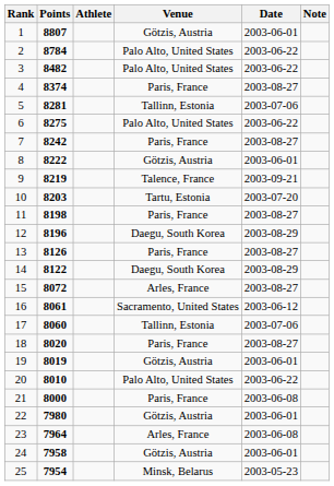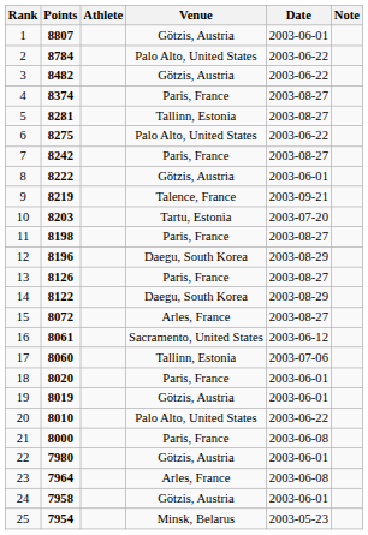 <table class="wikitable" style=" text-align:center;">
 <tr>
 <th>Rank</th>
 <th>Points</th>
 <th>Athlete</th>
 <th>Venue</th>
 <th>Date</th>
 <th>Note</th>
 </tr>
 <tr>
 <td>1</td>
 <td><strong>8807</strong></td>
 <td align=left></td>
 <td>Götzis, Austria</td>
 <td>2003-06-01</td>
 <td></td>
 </tr>
 <tr>
 <td>2</td>
 <td><strong>8784</strong></td>
 <td align=left></td>
 <td>Palo Alto, United States</td>
 <td>2003-06-22</td>
 <td></td>
 </tr>
 <tr>
 <td>3</td>
 <td><strong>8482</strong></td>
 <td align=left></td>
-<td>Palo Alto, United States</td>
+<td>Götzis, Austria</td>
 <td>2003-06-22</td>
 <td></td>
 </tr>
 <tr>
 <td>4</td>
 <td><strong>8374</strong></td>
 <td align=left></td>
 <td>Paris, France</td>
 <td>2003-08-27</td>
 <td></td>
 </tr>
 <tr>
 <td>5</td>
 <td><strong>8281</strong></td>
 <td align=left></td>
 <td>Tallinn, Estonia</td>
-<td>2003-07-06</td>
+<td>2003-08-27</td>
 <td></td>
 </tr>
 <tr>
 <td>6</td>
 <td><strong>8275</strong></td>
 <td align=left></td>
 <td>Palo Alto, United States</td>
 <td>2003-06-22</td>
 <td></td>
 </tr>
 <tr>
 <td>7</td>
 <td><strong>8242</strong></td>
 <td align=left></td>
 <td>Paris, France</td>
 <td>2003-08-27</td>
 <td></td>
 </tr>
 <tr>
 <td>8</td>
 <td><strong>8222</strong></td>
 <td align=left></td>
 <td>Götzis, Austria</td>
 <td>2003-06-01</td>
 <td></td>
 </tr>
 <tr>
 <td>9</td>
 <td><strong>8219</strong></td>
 <td align=left></td>
 <td>Talence, France</td>
 <td>2003-09-21</td>
 <td></td>
 </tr>
 <tr>
 <td>10</td>
 <td><strong>8203</strong></td>
 <td align=left></td>
 <td>Tartu, Estonia</td>
 <td>2003-07-20</td>
 <td></td>
 </tr>
 <tr>
 <td>11</td>
 <td><strong>8198</strong></td>
 <td align=left></td>
 <td>Paris, France</td>
 <td>2003-08-27</td>
 <td></td>
 </tr>
 <tr>
 <td>12</td>
 <td><strong>8196</strong></td>
 <td align=left></td>
 <td>Daegu, South Korea</td>
 <td>2003-08-29</td>
 <td></td>
 </tr>
 <tr>
 <td>13</td>
 <td><strong>8126</strong></td>
 <td align=left></td>
 <td>Paris, France</td>
 <td>2003-08-27</td>
 <td></td>
 </tr>
 <tr>
 <td>14</td>
 <td><strong>8122</strong></td>
 <td align=left></td>
 <td>Daegu, South Korea</td>
 <td>2003-08-29</td>
 <td></td>
 </tr>
 <tr>
 <td>15</td>
 <td><strong>8072</strong></td>
 <td align=left></td>
 <td>Arles, France</td>
 <td>2003-08-27</td>
 <td></td>
 </tr>
 <tr>
 <td>16</td>
 <td><strong>8061</strong></td>
 <td align=left></td>
 <td>Sacramento, United States</td>
 <td>2003-06-12</td>
 <td></td>
 </tr>
 <tr>
 <td>17</td>
 <td><strong>8060</strong></td>
 <td align=left></td>
 <td>Tallinn, Estonia</td>
 <td>2003-07-06</td>
 <td></td>
 </tr>
 <tr>
 <td>18</td>
 <td><strong>8020</strong></td>
 <td align=left></td>
 <td>Paris, France</td>
-<td>2003-08-27</td>
+<td>2003-06-01</td>
 <td></td>
 </tr>
 <tr>
 <td>19</td>
 <td><strong>8019</strong></td>
 <td align=left></td>
 <td>Götzis, Austria</td>
 <td>2003-06-01</td>
 <td></td>
 </tr>
 <tr>
 <td>20</td>
 <td><strong>8010</strong></td>
 <td align=left></td>
 <td>Palo Alto, United States</td>
 <td>2003-06-22</td>
 <td></td>
 </tr>
 <tr>
 <td>21</td>
 <td><strong>8000</strong></td>
 <td align=left></td>
 <td>Paris, France</td>
 <td>2003-06-08</td>
 <td></td>
 </tr>
 <tr>
 <td>22</td>
 <td><strong>7980</strong></td>
 <td align=left></td>
 <td>Götzis, Austria</td>
 <td>2003-06-01</td>
 <td></td>
 </tr>
 <tr>
 <td>23</td>
 <td><strong>7964</strong></td>
 <td align=left></td>
 <td>Arles, France</td>
 <td>2003-06-08</td>
 <td></td>
 </tr>
 <tr>
 <td>24</td>
 <td><strong>7958</strong></td>
 <td align=left></td>
 <td>Götzis, Austria</td>
 <td>2003-06-01</td>
 <td></td>
 </tr>
 <tr>
 <td>25</td>
 <td><strong>7954</strong></td>
 <td align=left></td>
 <td>Minsk, Belarus</td>
 <td>2003-05-23</td>
 <td></td>
 </tr>
 </table>
